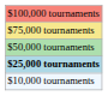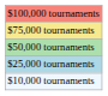 <table class=wikitable style="font-size:85%">
 <tr bgcolor=F88379>
 <td>$100,000 tournaments</td>
 </tr>
 <tr bgcolor=F7E98E>
 <td>$75,000 tournaments</td>
 </tr>
 <tr bgcolor=ADDFAD>
 <td>$50,000 tournaments</td>
 </tr>
 <tr bgcolor=lightblue>
-<td><strong>$25,000 tournaments</strong></td>
+<td>$25,000 tournaments</td>
 </tr>
 <tr bgcolor=f0f8ff>
 <td>$10,000 tournaments</td>
 </tr>
 </table>
